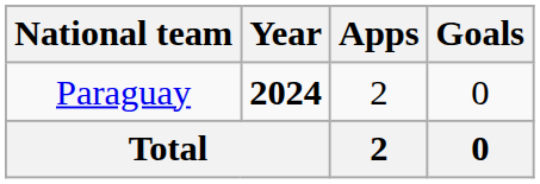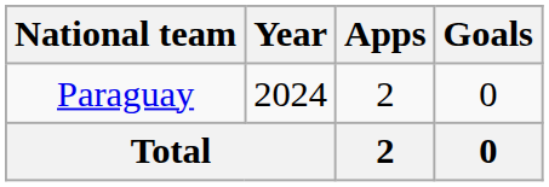 <table class="wikitable" style="text-align:center">
 <tr>
 <th>National team</th>
 <th>Year</th>
 <th>Apps</th>
 <th>Goals</th>
 </tr>
 <tr>
 <td rowspan="1"><a href='#'>Paraguay</a></td>
-<td><strong>2024</strong></td>
+<td>2024</td>
 <td>2</td>
 <td>0</td>
 </tr>
 <tr>
 <th colspan="2">Total</th>
 <th>2</th>
 <th>0</th>
 </tr>
 </table>
